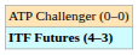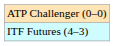 <table class=wikitable style=font-size:97%>
 <tr bgcolor=moccasin>
 <td>ATP Challenger (0–0)</td>
 </tr>
 <tr bgcolor=cffcff>
-<td><strong>ITF Futures (4–3)</strong></td>
+<td>ITF Futures (4–3)</td>
 </tr>
 </table>
